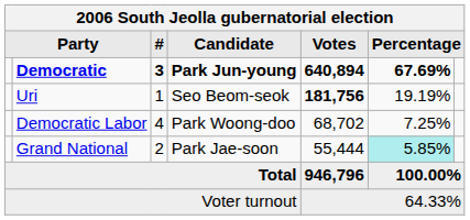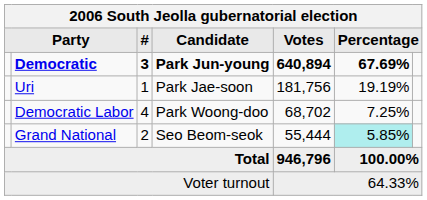 <table class="wikitable">
 <tr>
 <th colspan="7">2006 South Jeolla gubernatorial election</th>
 </tr>
 <tr>
 <th style="background-color:#E9E9E9" colspan=2>Party</th>
 <th style="background-color:#E9E9E9">#</th>
 <th style="background-color:#E9E9E9">Candidate</th>
 <th style="background-color:#E9E9E9">Votes</th>
 <th style="background-color:#E9E9E9" colspan=2>Percentage</th>
 </tr>
 <tr style="font-weight:bold">
 <td></td>
 <td align=left><a href='#'>Democratic</a></td>
 <td align=center>3</td>
 <td align=left>Park Jun-young</td>
 <td align=right>640,894</td>
 <td align=right>67.69%</td>
 <td align=right></td>
 </tr>
 <tr>
 <td></td>
 <td align=left><a href='#'>Uri</a></td>
 <td align=center>1</td>
-<td align=left>Seo Beom-seok</td>
-<td align=right><strong>181,756</strong></td>
+<td align=left>Park Jae-soon</td>
+<td align=right>181,756</td>
 <td align=right>19.19%</td>
 <td align=right></td>
 </tr>
 <tr>
 <td></td>
 <td align=left><a href='#'>Democratic Labor</a></td>
 <td align=center>4</td>
 <td align=left>Park Woong-doo</td>
 <td align=right>68,702</td>
 <td align=right>7.25%</td>
 <td align=right></td>
 </tr>
 <tr>
 <td></td>
 <td align=left><a href='#'>Grand National</a></td>
 <td align=center>2</td>
-<td align=left>Park Jae-soon</td>
+<td align=left>Seo Beom-seok</td>
 <td align=right>55,444</td>
 <td align=right style="background: paleturquoise;">5.85%</td>
 <td align=right></td>
 </tr>
 <tr bgcolor="#EEEEEE" style="font-weight:bold">
 <td colspan="4" align=right>Total</td>
 <td align=right>946,796</td>
 <td align=right colspan=2>100.00%</td>
 </tr>
 <tr bgcolor="#EEEEEE">
 <td colspan="4" align="right">Voter turnout</td>
 <td colspan="3" align="right">64.33%</td>
 </tr>
 </table>
